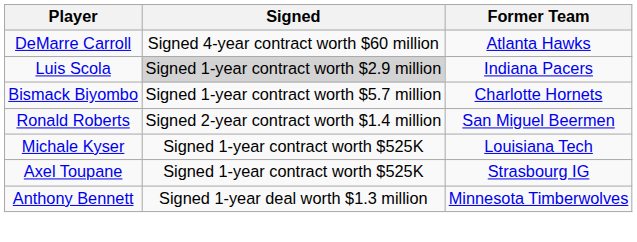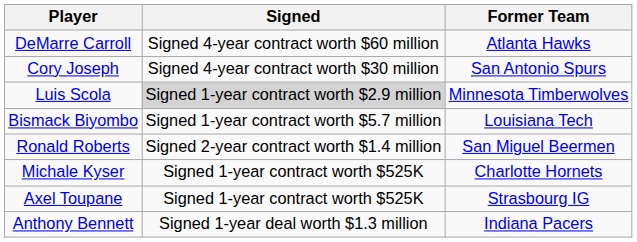 <table class="wikitable sortable sortable">
 <tr>
 <th>Player</th>
 <th>Signed</th>
 <th>Former Team</th>
 </tr>
 <tr style="text-align: center">
 <td><a href='#'>DeMarre Carroll</a></td>
 <td>Signed 4-year contract worth $60 million</td>
 <td><a href='#'>Atlanta Hawks</a></td>
 </tr>
 <tr style="text-align: center">
+<td><a href='#'>Cory Joseph</a></td>
+<td>Signed 4-year contract worth $30 million</td>
+<td><a href='#'>San Antonio Spurs</a></td>
+</tr>
+<tr style="text-align: center">
 <td><a href='#'>Luis Scola</a></td>
 <td style="background: lightgrey;">Signed 1-year contract worth $2.9 million</td>
-<td><a href='#'>Indiana Pacers</a></td>
+<td><a href='#'>Minnesota Timberwolves</a></td>
 </tr>
 <tr style="text-align: center">
 <td><a href='#'>Bismack Biyombo</a></td>
 <td>Signed 1-year contract worth $5.7 million</td>
-<td><a href='#'>Charlotte Hornets</a></td>
+<td><a href='#'>Louisiana Tech</a></td>
 </tr>
 <tr style="text-align: center">
 <td><a href='#'>Ronald Roberts</a></td>
 <td>Signed 2-year contract worth $1.4 million</td>
 <td><a href='#'>San Miguel Beermen</a></td>
 </tr>
 <tr style="text-align: center">
 <td><a href='#'>Michale Kyser</a></td>
 <td>Signed 1-year contract worth $525K</td>
-<td><a href='#'>Louisiana Tech</a></td>
+<td><a href='#'>Charlotte Hornets</a></td>
 </tr>
 <tr style="text-align: center">
 <td><a href='#'>Axel Toupane</a></td>
 <td>Signed 1-year contract worth $525K</td>
 <td><a href='#'>Strasbourg IG</a></td>
 </tr>
 <tr style="text-align: center">
 <td><a href='#'>Anthony Bennett</a></td>
 <td>Signed 1-year deal worth $1.3 million</td>
-<td><a href='#'>Minnesota Timberwolves</a></td>
+<td><a href='#'>Indiana Pacers</a></td>
 </tr>
 </table>
